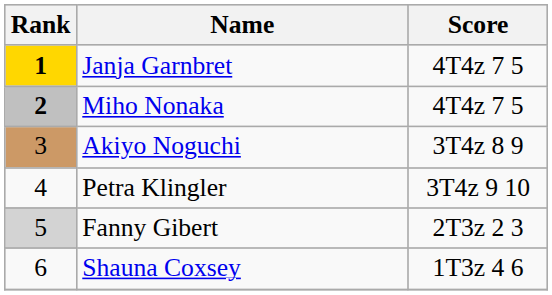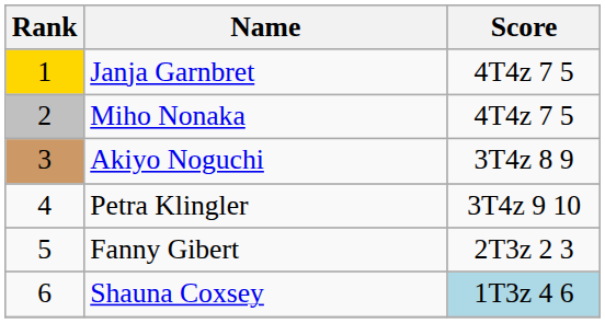 <table class="wikitable">
 <tr>
 <th>Rank</th>
 <th width = "200">Name</th>
 <th width = "80">Score</th>
 </tr>
 <tr>
-<td align="center" style="background: gold"><strong>1</strong></td>
+<td align="center" style="background: gold">1</td>
 <td> <a href='#'>Janja Garnbret</a></td>
 <td align="center">4T4z 7 5</td>
 </tr>
 <tr>
-<td align="center" style="background: silver"><strong>2</strong></td>
+<td align="center" style="background: silver">2</td>
 <td> <a href='#'>Miho Nonaka</a></td>
 <td align="center">4T4z 7 5</td>
 </tr>
 <tr>
 <td align="center" style="background: #cc9966">3</td>
 <td> <a href='#'>Akiyo Noguchi</a></td>
 <td align="center">3T4z 8 9</td>
 </tr>
 <tr>
 <td align="center">4</td>
 <td> Petra Klingler</td>
 <td align="center">3T4z 9 10</td>
 </tr>
 <tr>
-<td align="center" style="background: lightgrey;">5</td>
+<td align="center">5</td>
 <td> Fanny Gibert</td>
 <td align="center">2T3z 2 3</td>
 </tr>
 <tr>
 <td align="center">6</td>
 <td> <a href='#'>Shauna Coxsey</a></td>
-<td align="center">1T3z 4 6</td>
+<td align="center" style="background: lightblue;">1T3z 4 6</td>
 </tr>
 <tr>
 </tr>
 </table>
